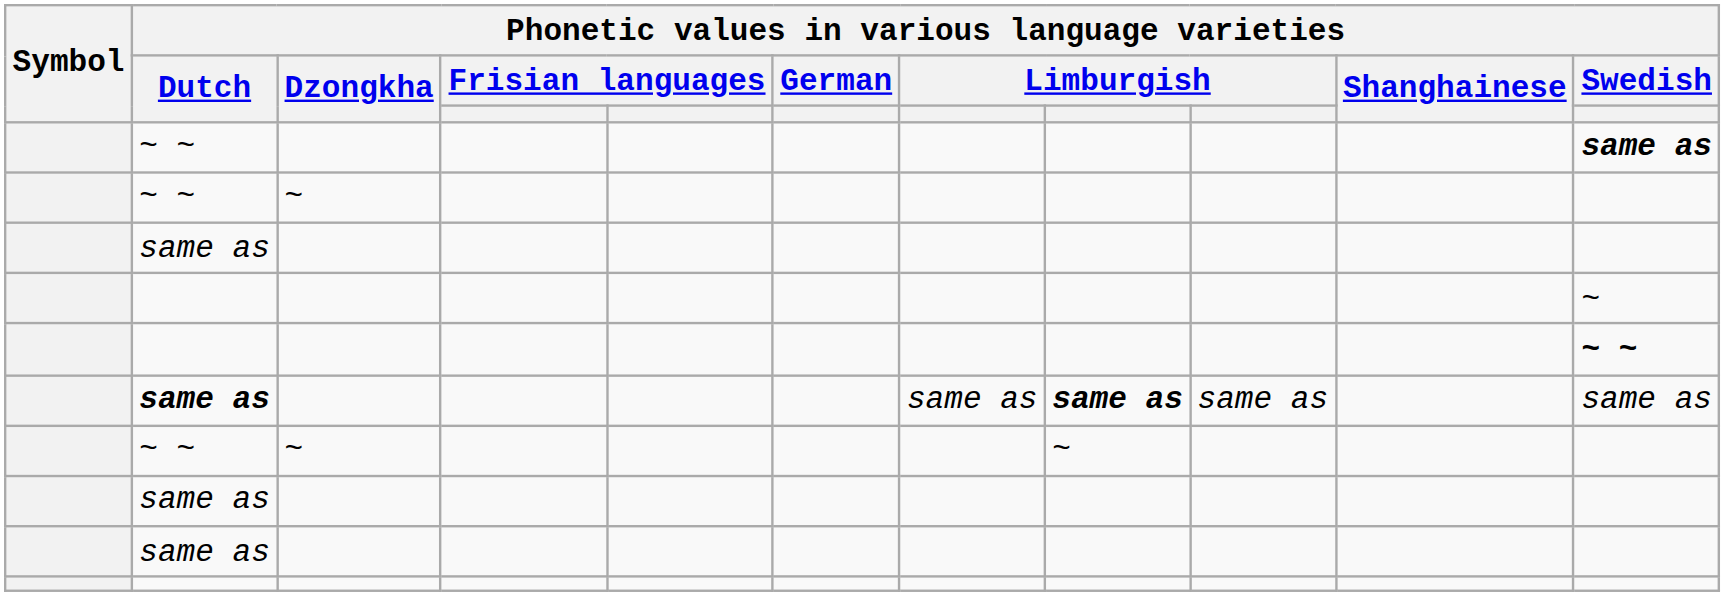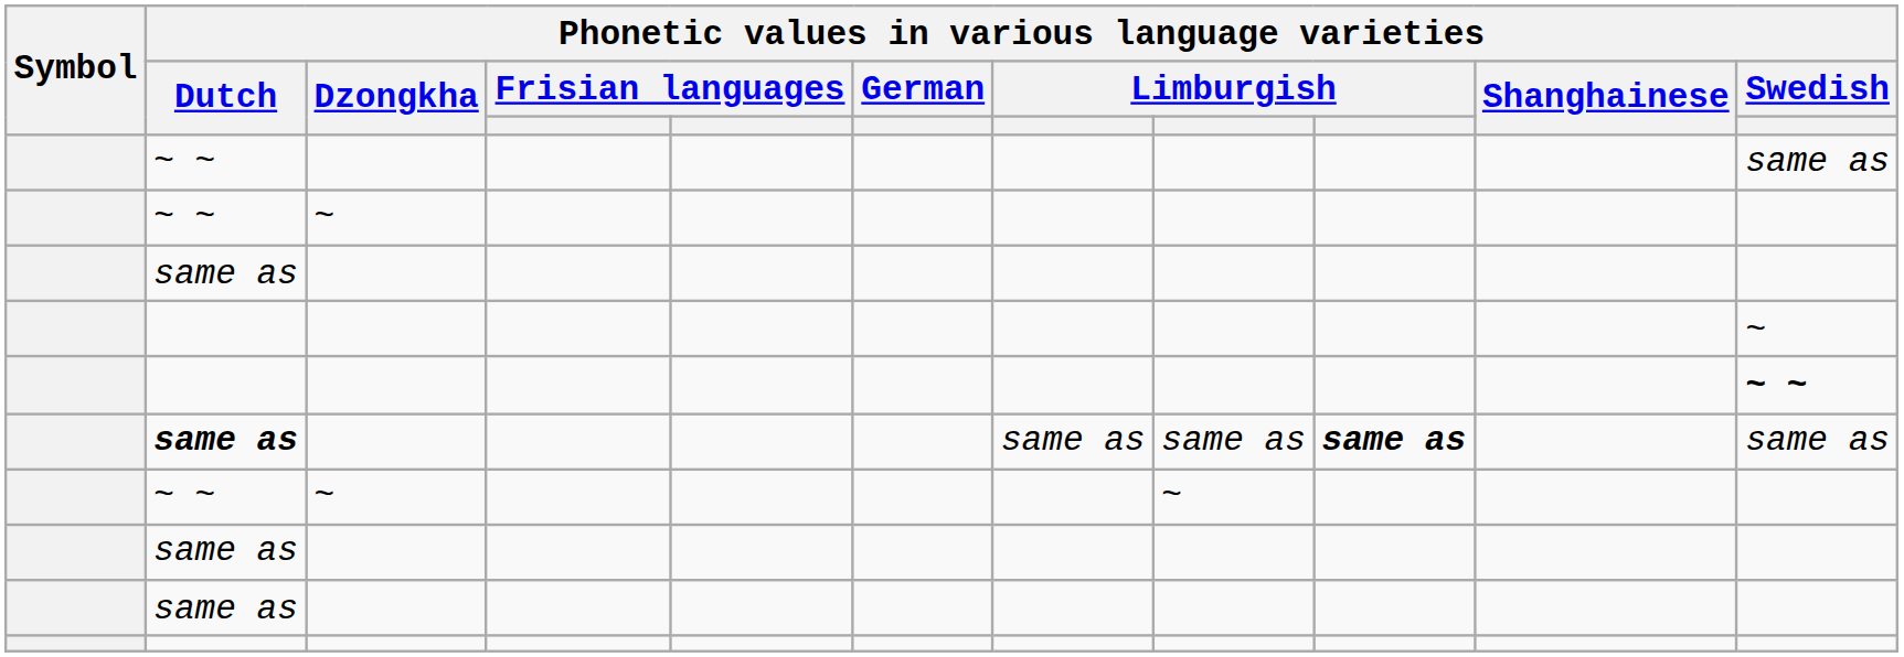 <table class="wikitable" style="clear: both;">
 <tr>
 <th rowspan="3">Symbol</th>
 <th colspan="12">Phonetic values in various language varieties</th>
 </tr>
 <tr>
 <th rowspan="2"><a href='#'>Dutch</a></th>
 <th rowspan="2"><a href='#'>Dzongkha</a></th>
 <th colspan="2"><a href='#'>Frisian languages</a></th>
 <th><a href='#'>German</a></th>
 <th colspan="3"><a href='#'>Limburgish</a></th>
 <th rowspan="2"><a href='#'>Shanghainese</a></th>
 <th><a href='#'>Swedish</a></th>
 </tr>
 <tr>
 <th></th>
 <th></th>
 <th></th>
 <th></th>
 <th></th>
 <th></th>
 <th></th>
 </tr>
 <tr>
 <th></th>
 <td> ~  ~ </td>
 <td></td>
 <td></td>
 <td></td>
 <td></td>
 <td></td>
 <td></td>
 <td></td>
 <td></td>
-<td><strong><em>same as</em> </strong></td>
+<td><em>same as</em> </td>
 </tr>
 <tr>
 <th></th>
 <td> ~  ~ </td>
 <td> ~ </td>
 <td></td>
 <td></td>
 <td></td>
 <td></td>
 <td></td>
 <td></td>
 <td></td>
 <td></td>
 </tr>
 <tr>
 <th></th>
 <td><em>same as</em> </td>
 <td></td>
 <td></td>
 <td></td>
 <td></td>
 <td></td>
 <td></td>
 <td></td>
 <td></td>
 <td></td>
 </tr>
 <tr>
 <th></th>
 <td></td>
 <td></td>
 <td></td>
 <td></td>
 <td></td>
 <td></td>
 <td></td>
 <td></td>
 <td></td>
 <td> ~ </td>
 </tr>
 <tr>
 <th></th>
 <td><strong></strong></td>
 <td></td>
 <td><strong></strong></td>
 <td><strong></strong></td>
 <td><strong></strong></td>
 <td><strong></strong></td>
 <td><strong></strong></td>
 <td><strong></strong></td>
 <td><strong></strong></td>
 <td><strong> ~  ~ </strong></td>
 </tr>
 <tr>
 <th></th>
 <td><strong><em>same as</em> </strong></td>
 <td></td>
 <td></td>
 <td></td>
 <td></td>
 <td><em>same as</em> </td>
+<td><em>same as</em> </td>
 <td><strong><em>same as</em> </strong></td>
-<td><em>same as</em> </td>
 <td></td>
 <td><em>same as</em> </td>
 </tr>
 <tr>
 <th></th>
 <td> ~  ~ </td>
 <td> ~ </td>
 <td></td>
 <td></td>
 <td></td>
 <td></td>
 <td> ~ </td>
 <td></td>
 <td></td>
 <td></td>
 </tr>
 <tr>
 <th></th>
 <td><em>same as</em> </td>
 <td></td>
 <td></td>
 <td></td>
 <td></td>
 <td></td>
 <td></td>
 <td></td>
 <td></td>
 <td></td>
 </tr>
 <tr>
 <th></th>
 <td><em>same as</em> </td>
 <td></td>
 <td></td>
 <td></td>
 <td></td>
 <td></td>
 <td></td>
 <td></td>
 <td></td>
 <td></td>
 </tr>
 <tr>
 <th></th>
 <td></td>
 <td></td>
 <td></td>
 <td></td>
 <td></td>
 <td></td>
 <td></td>
 <td></td>
 <td></td>
 <td></td>
 </tr>
 </table>
